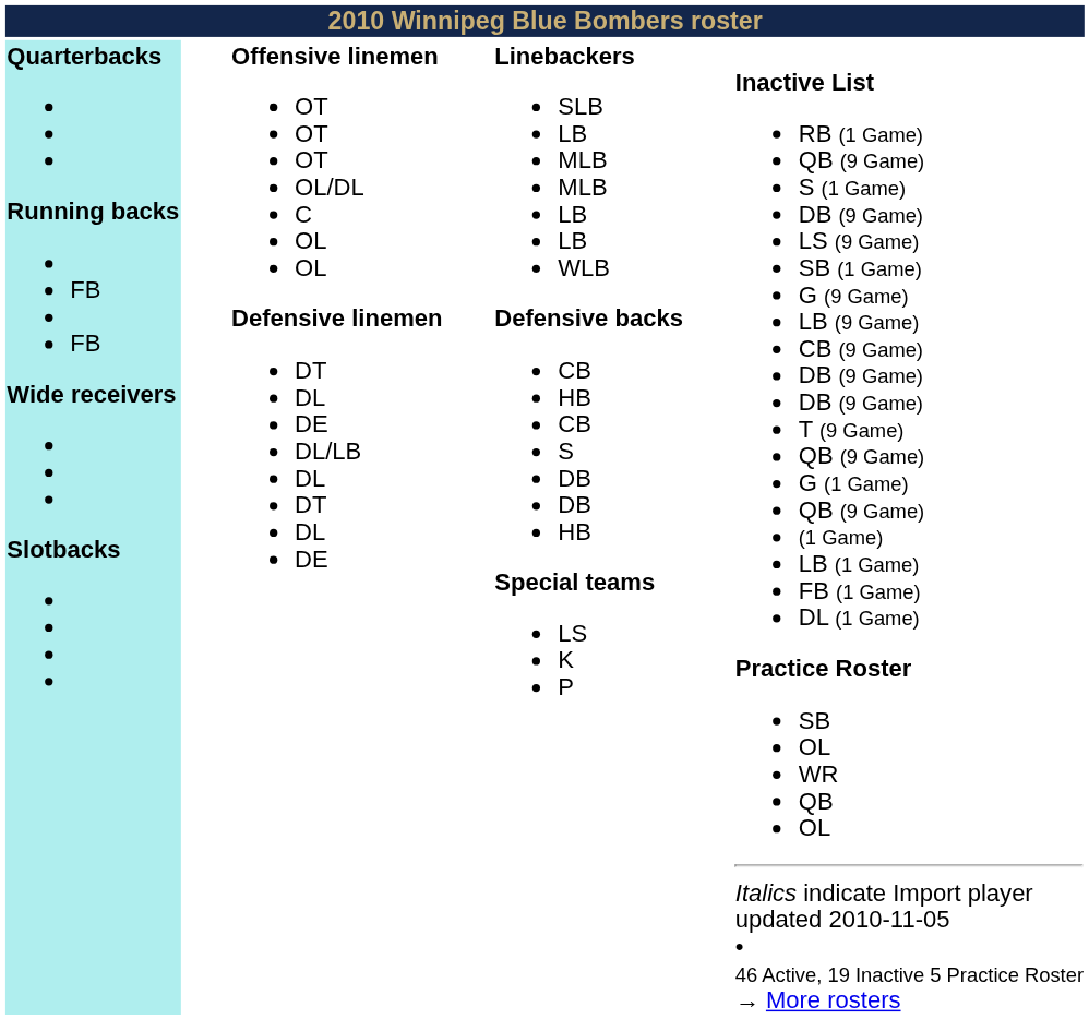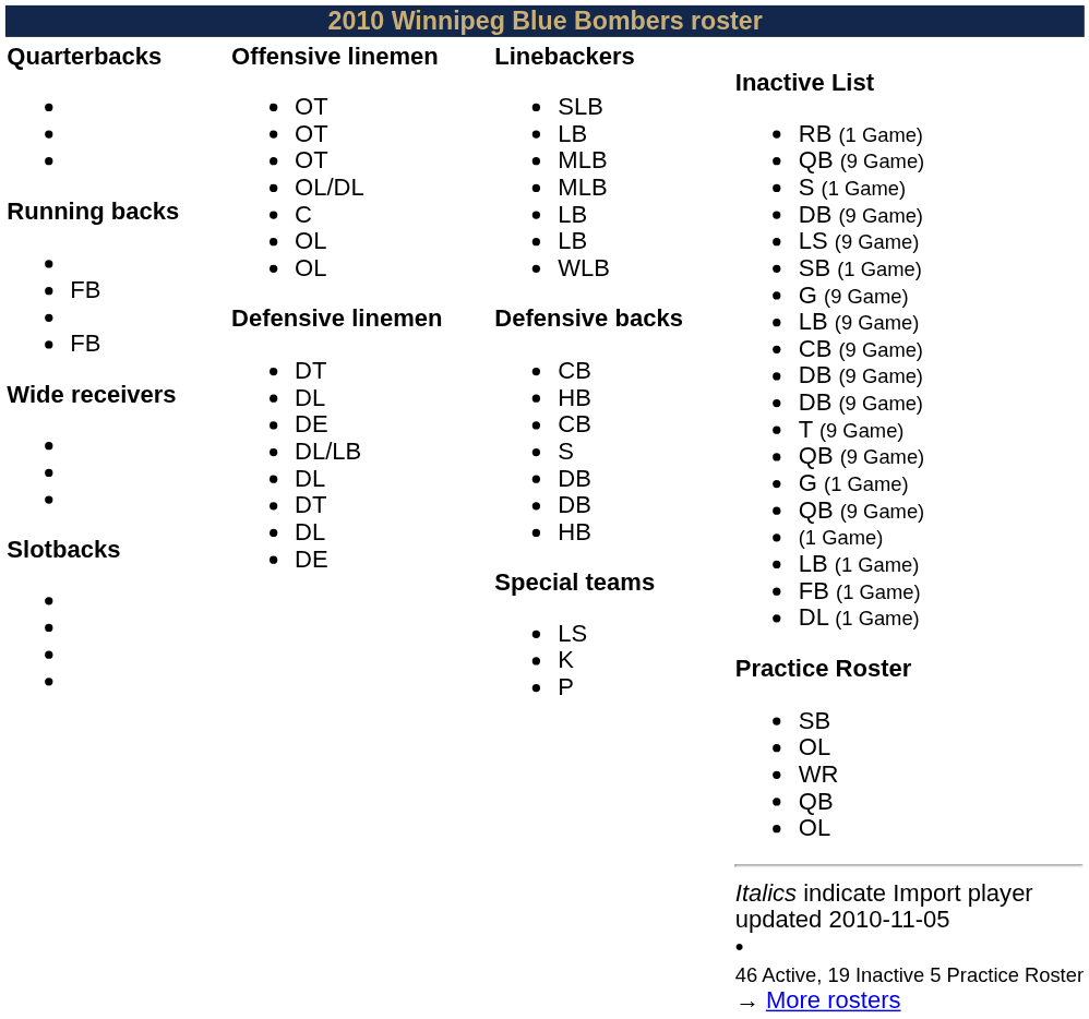 <table class="toccolours" style="text-align: left;">
 <tr>
 <th colspan="7" style="background-color: #13264B; color:#C9AF74; text-align: center">2010 Winnipeg Blue Bombers roster</th>
 </tr>
 <tr>
-<td style="background: paleturquoise; font-size: 95%;" valign="top"><strong>Quarterbacks</strong><br><ul><li></li><li></li><li></li></ul><strong>Running backs</strong><ul><li></li><li> FB</li><li></li><li> FB</li></ul><strong>Wide receivers</strong><ul><li></li><li></li><li></li></ul><strong>Slotbacks</strong><ul><li></li><li></li><li></li><li></li></ul></td>
+<td style="font-size: 95%;" valign="top"><strong>Quarterbacks</strong><br><ul><li></li><li></li><li></li></ul><strong>Running backs</strong><ul><li></li><li> FB</li><li></li><li> FB</li></ul><strong>Wide receivers</strong><ul><li></li><li></li><li></li></ul><strong>Slotbacks</strong><ul><li></li><li></li><li></li><li></li></ul></td>
 <td style="width: 25px;"></td>
 <td style="font-size: 95%;" valign="top"><strong>Offensive linemen</strong><br><ul><li> OT</li><li> OT</li><li> OT</li><li> OL/DL</li><li> C</li><li> OL</li><li> OL</li></ul><strong>Defensive linemen</strong><ul><li> DT</li><li> DL</li><li> DE</li><li> DL/LB</li><li> DL</li><li> DT</li><li> DL</li><li> DE</li></ul></td>
 <td style="width: 25px;"></td>
 <td style="font-size: 95%;" valign="top"><strong>Linebackers</strong><br><ul><li> SLB</li><li> LB</li><li> MLB</li><li> MLB</li><li> LB</li><li> LB</li><li> WLB</li></ul><strong>Defensive backs</strong><ul><li> CB</li><li> HB</li><li> CB</li><li> S</li><li> DB</li><li> DB</li><li> HB</li></ul><strong>Special teams</strong><ul><li> LS</li><li> K</li><li> P</li></ul></td>
 <td style="width: 25px;"></td>
 <td style="font-size: 95%;" valign="top"><br><strong>Inactive List</strong><ul><li> RB  <small>(1 Game)</small></li><li> QB  <small>(9 Game)</small></li><li> S  <small>(1 Game)</small></li><li> DB  <small>(9 Game)</small></li><li> LS  <small>(9 Game)</small></li><li> SB  <small>(1 Game)</small></li><li> G   <small>(9 Game)</small></li><li> LB  <small>(9 Game)</small></li><li> CB  <small>(9 Game)</small></li><li> DB  <small>(9 Game)</small></li><li> DB  <small>(9 Game)</small></li><li> T  <small>(9 Game)</small></li><li> QB  <small>(9 Game)</small></li><li> G  <small>(1 Game)</small></li><li> QB  <small>(9 Game)</small></li><li>  <small>(1 Game)</small></li><li> LB  <small>(1 Game)</small></li><li> FB  <small>(1 Game)</small></li><li> DL  <small>(1 Game)</small></li></ul><strong>Practice Roster</strong><ul><li> SB</li><li> OL</li><li> WR</li><li> QB</li><li> OL</li></ul><hr> <em>Italics</em> indicate Import player<br> <span></span> updated 2010-11-05<br> <span></span> • <span></span><br> <small>46 Active, 19 Inactive 5 Practice Roster</small><br>→ <a href='#'>More rosters</a></td>
 </tr>
 <tr>
 </tr>
 </table>
